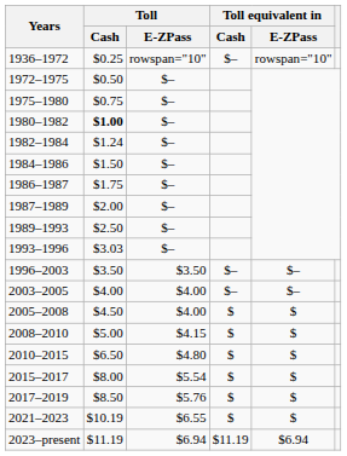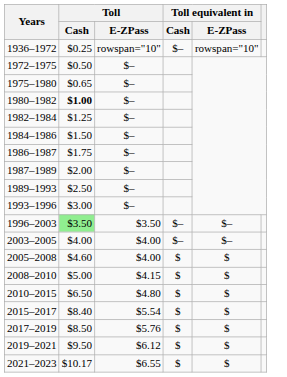 <table class="wikitable sortable">
 <tr>
 <th rowspan="2" scope="col">Years</th>
 <th colspan="2" scope="col">Toll</th>
 <th colspan="2" scope="col">Toll equivalent in </th>
 <th rowspan="2" class="unsortable"></th>
 </tr>
 <tr>
 <th>Cash</th>
 <th>E-ZPass</th>
 <th>Cash</th>
 <th>E-ZPass</th>
 </tr>
 <tr>
 <td>1936–1972</td>
 <td align="right">$0.25</td>
 <td>rowspan="10" </td>
 <td align="center">$–</td>
 <td>rowspan="10" </td>
 <td></td>
 </tr>
 <tr>
 <td>1972–1975</td>
 <td align="right">$0.50</td>
 <td align="center">$–</td>
 <td></td>
 </tr>
 <tr>
 <td>1975–1980</td>
-<td align="right">$0.75</td>
+<td align="right">$0.65</td>
 <td align="center">$–</td>
 <td></td>
 </tr>
 <tr>
 <td>1980–1982</td>
 <td align="right"><strong>$1.00</strong></td>
 <td align="center">$–</td>
 <td></td>
 </tr>
 <tr>
 <td>1982–1984</td>
-<td align="right">$1.24</td>
+<td align="right">$1.25</td>
 <td align="center">$–</td>
 <td></td>
 </tr>
 <tr>
 <td>1984–1986</td>
 <td align="right">$1.50</td>
 <td align="center">$–</td>
 <td></td>
 </tr>
 <tr>
 <td>1986–1987</td>
 <td align="right">$1.75</td>
 <td align="center">$–</td>
 <td></td>
 </tr>
 <tr>
 <td>1987–1989</td>
 <td align="right">$2.00</td>
 <td align="center">$–</td>
 <td></td>
 </tr>
 <tr>
 <td>1989–1993</td>
 <td align="right">$2.50</td>
 <td align="center">$–</td>
 <td></td>
 </tr>
 <tr>
 <td>1993–1996</td>
-<td align="right">$3.03</td>
+<td align="right">$3.00</td>
 <td align="center">$–</td>
 <td></td>
 </tr>
 <tr>
 <td>1996–2003</td>
-<td align="right">$3.50</td>
+<td align="right" style="background: lightgreen;">$3.50</td>
 <td align="right">$3.50</td>
 <td align="center">$–</td>
 <td align="center">$–</td>
 <td></td>
 </tr>
 <tr>
 <td>2003–2005</td>
 <td align="right">$4.00</td>
 <td align="right">$4.00</td>
 <td align="center">$–</td>
 <td align="center">$–</td>
 <td></td>
 </tr>
 <tr>
 <td>2005–2008</td>
-<td align="right">$4.50</td>
+<td align="right">$4.60</td>
 <td align="right">$4.00</td>
 <td align="center">$</td>
 <td align="center">$</td>
 <td></td>
 </tr>
 <tr>
 <td>2008–2010</td>
 <td align="right">$5.00</td>
 <td align="right">$4.15</td>
 <td align="center">$</td>
 <td align="center">$</td>
 <td></td>
 </tr>
 <tr>
 <td>2010–2015</td>
 <td align="right">$6.50</td>
 <td align="right">$4.80</td>
 <td align="center">$</td>
 <td align="center">$</td>
 <td></td>
 </tr>
 <tr>
 <td>2015–2017</td>
-<td align="right">$8.00</td>
+<td align="right">$8.40</td>
 <td align="right">$5.54</td>
 <td align="center">$</td>
 <td align="center">$</td>
 <td></td>
 </tr>
 <tr>
 <td>2017–2019</td>
 <td align="right">$8.50</td>
 <td align="right">$5.76</td>
 <td align="center">$</td>
 <td align="center">$</td>
 <td></td>
 </tr>
 <tr>
+<td>2019–2021</td>
+<td align="right">$9.50</td>
+<td align="right">$6.12</td>
+<td align="center">$</td>
+<td align="center">$</td>
+<td></td>
+</tr>
+<tr>
 <td>2021–2023</td>
-<td align="right">$10.19</td>
+<td align="right">$10.17</td>
 <td align="right">$6.55</td>
 <td align="center">$</td>
 <td align="center">$</td>
 <td></td>
 </tr>
-<tr>
-<td>2023–present</td>
-<td align="right">$11.19</td>
-<td align="right">$6.94</td>
-<td align="center">$11.19</td>
-<td align="center">$6.94</td>
-<td></td>
-</tr>
 </table>
